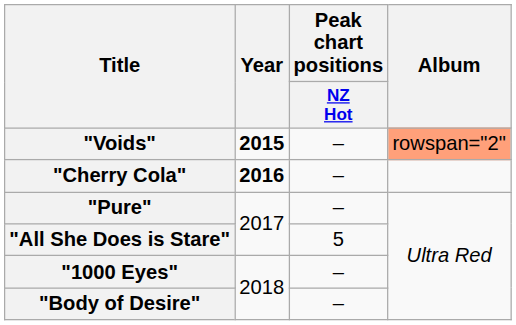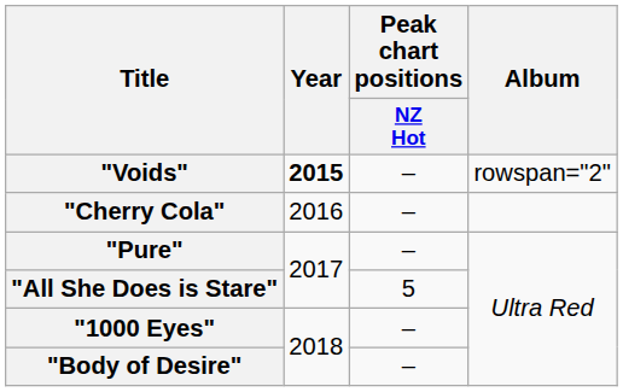 <table class="wikitable plainrowheaders" style="text-align:center;">
 <tr>
 <th scope="col" rowspan="2">Title</th>
 <th scope="col" rowspan="2">Year</th>
 <th scope="col" colspan="1">Peak chart positions</th>
 <th scope="col" rowspan="2">Album</th>
 </tr>
 <tr>
 <th scope="col" style="width:3em;font-size:85%;"><a href='#'>NZ<br>Hot</a><br></th>
 </tr>
 <tr>
 <th scope="row">"Voids"</th>
 <td><strong>2015</strong></td>
 <td>–</td>
-<td style="background: lightsalmon;">rowspan="2" </td>
+<td>rowspan="2" </td>
 </tr>
 <tr>
 <th scope="row">"Cherry Cola"</th>
-<td><strong>2016</strong></td>
+<td>2016</td>
 <td>–</td>
 </tr>
 <tr>
 <th scope="row">"Pure"</th>
 <td rowspan="2">2017</td>
 <td>–</td>
 <td rowspan="4"><em>Ultra Red</em></td>
 </tr>
 <tr>
 <th scope="row">"All She Does is Stare"</th>
 <td>5</td>
 </tr>
 <tr>
 <th scope="row">"1000 Eyes"</th>
 <td rowspan="2">2018</td>
 <td>–</td>
 </tr>
 <tr>
 <th scope="row">"Body of Desire"</th>
 <td>–</td>
 </tr>
 </table>
